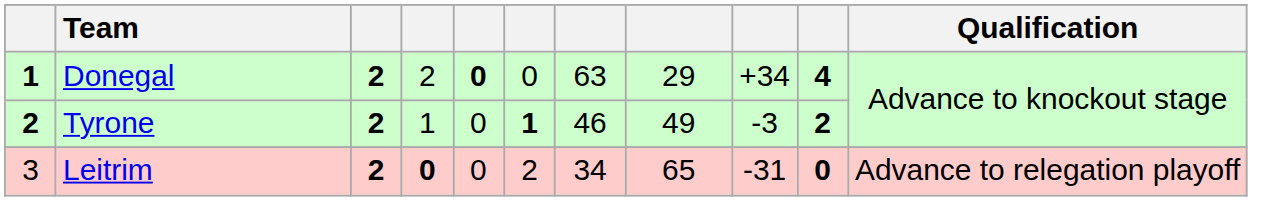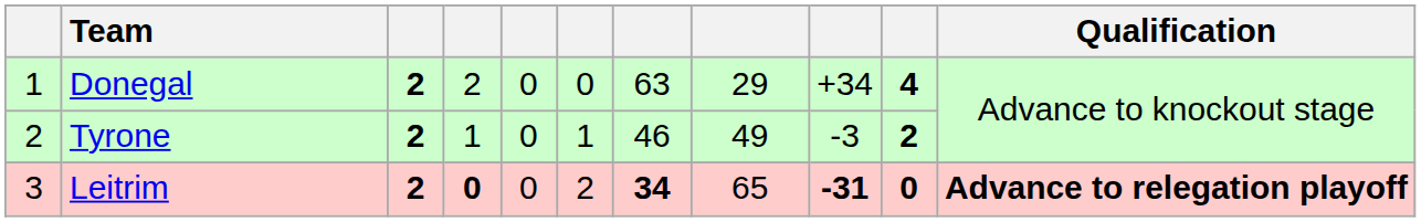 <table class="wikitable" style="text-align:center">
 <tr>
 <th width="20"></th>
 <th width="150" style="text-align:left;">Team</th>
 <th width="20"></th>
 <th width="20"></th>
 <th width="20"></th>
 <th width="20"></th>
 <th width="30"></th>
 <th width="50"></th>
 <th width="20"></th>
 <th width="20"></th>
 <th>Qualification</th>
 </tr>
 <tr style="background:#ccffcc">
-<td><strong>1</strong></td>
+<td>1</td>
 <td align="left"> <a href='#'>Donegal</a></td>
 <td><strong>2</strong></td>
 <td>2</td>
-<td><strong>0</strong></td>
+<td>0</td>
 <td>0</td>
 <td>63</td>
 <td>29</td>
 <td>+34</td>
 <td><strong>4</strong></td>
 <td rowspan="2">Advance to knockout stage</td>
 </tr>
 <tr style="background:#ccffcc">
-<td><strong>2</strong></td>
+<td>2</td>
 <td align="left"> <a href='#'>Tyrone</a></td>
 <td><strong>2</strong></td>
 <td>1</td>
 <td>0</td>
-<td><strong>1</strong></td>
+<td>1</td>
 <td>46</td>
 <td>49</td>
 <td>-3</td>
 <td><strong>2</strong></td>
 </tr>
 <tr style="background:#ffcccc">
 <td>3</td>
 <td align="left"><a href='#'>Leitrim</a></td>
 <td><strong>2</strong></td>
 <td><strong>0</strong></td>
 <td>0</td>
 <td>2</td>
-<td>34</td>
+<td><strong>34</strong></td>
 <td>65</td>
-<td>-31</td>
+<td><strong>-31</strong></td>
 <td><strong>0</strong></td>
-<td>Advance to relegation playoff</td>
+<td><strong>Advance to relegation playoff</strong></td>
 </tr>
 </table>
